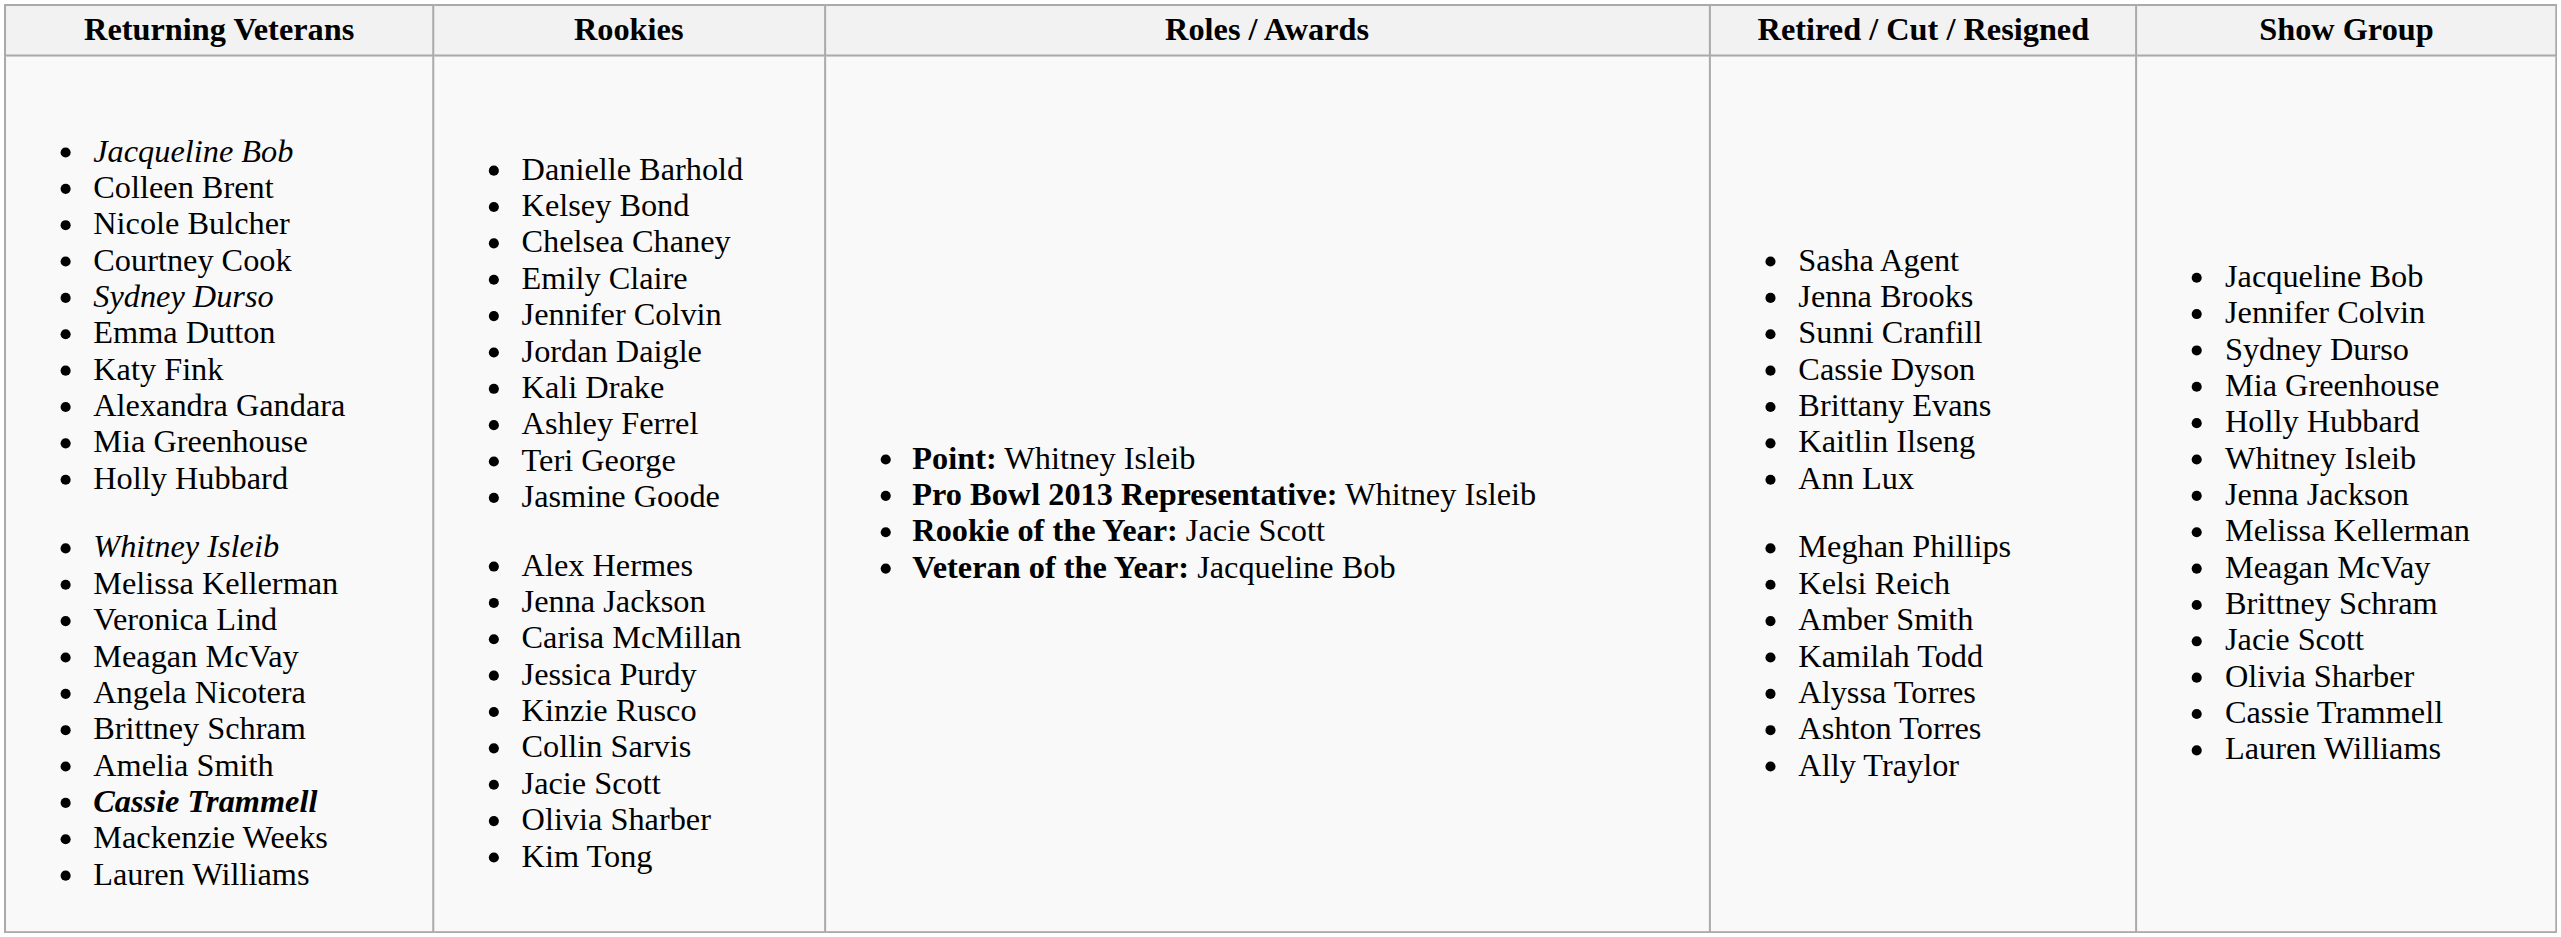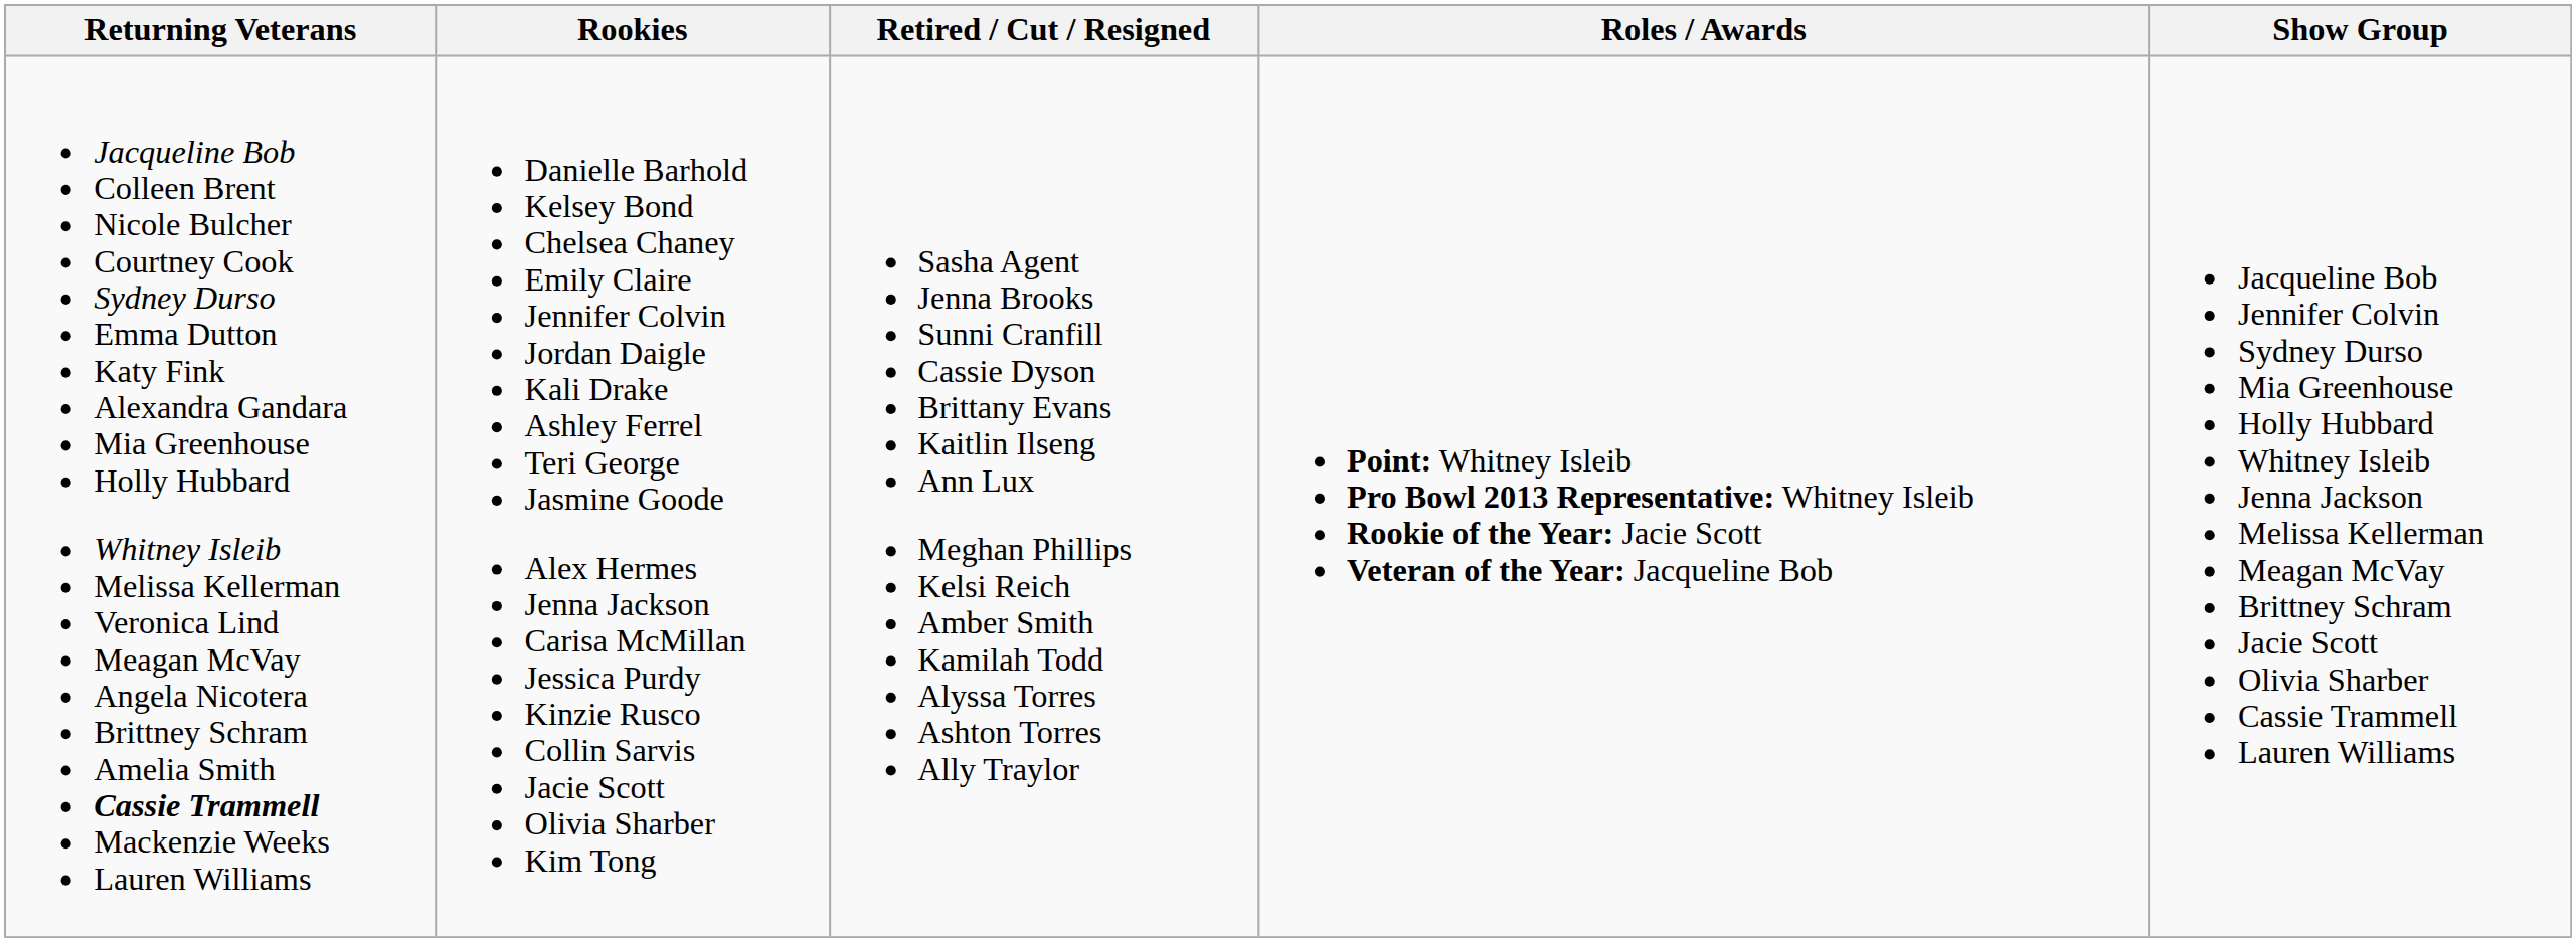 <table class="wikitable" style="width:100%;">
 <tr>
 <th>Returning Veterans</th>
 <th>Rookies</th>
+<th>Retired / Cut / Resigned</th>
 <th>Roles / Awards</th>
-<th>Retired / Cut / Resigned</th>
 <th>Show Group</th>
 </tr>
 <tr>
 <td><br><ul><li><em>Jacqueline Bob</em></li><li>Colleen Brent</li><li>Nicole Bulcher</li><li>Courtney Cook</li><li><em>Sydney Durso</em></li><li>Emma Dutton</li><li>Katy Fink</li><li>Alexandra Gandara</li><li>Mia Greenhouse</li><li>Holly Hubbard</li></ul><ul><li><em>Whitney Isleib</em></li><li>Melissa Kellerman</li><li>Veronica Lind</li><li>Meagan McVay</li><li>Angela Nicotera</li><li>Brittney Schram</li><li>Amelia Smith</li><li><strong><em>Cassie Trammell</em></strong></li><li>Mackenzie Weeks</li><li>Lauren Williams</li></ul></td>
 <td><br><ul><li>Danielle Barhold</li><li>Kelsey Bond</li><li>Chelsea Chaney</li><li>Emily Claire</li><li>Jennifer Colvin</li><li>Jordan Daigle</li><li>Kali Drake</li><li>Ashley Ferrel</li><li>Teri George</li><li>Jasmine Goode</li></ul><ul><li>Alex Hermes</li><li>Jenna Jackson</li><li>Carisa McMillan</li><li>Jessica Purdy</li><li>Kinzie Rusco</li><li>Collin Sarvis</li><li>Jacie Scott</li><li>Olivia Sharber</li><li>Kim Tong</li></ul></td>
+<td><br><ul><li>Sasha Agent </li><li>Jenna Brooks </li><li>Sunni Cranfill </li><li>Cassie Dyson </li><li>Brittany Evans </li><li>Kaitlin Ilseng </li><li>Ann Lux </li></ul><ul><li>Meghan Phillips </li><li>Kelsi Reich </li><li>Amber Smith </li><li>Kamilah Todd </li><li>Alyssa Torres </li><li>Ashton Torres </li><li>Ally Traylor </li></ul></td>
 <td><br><ul><li><strong>Point:</strong> Whitney Isleib</li><li><strong>Pro Bowl 2013 Representative:</strong> Whitney Isleib</li><li><strong>Rookie of the Year:</strong> Jacie Scott</li><li><strong>Veteran of the Year:</strong> Jacqueline Bob</li></ul></td>
-<td><br><ul><li>Sasha Agent </li><li>Jenna Brooks </li><li>Sunni Cranfill </li><li>Cassie Dyson </li><li>Brittany Evans </li><li>Kaitlin Ilseng </li><li>Ann Lux </li></ul><ul><li>Meghan Phillips </li><li>Kelsi Reich </li><li>Amber Smith </li><li>Kamilah Todd </li><li>Alyssa Torres </li><li>Ashton Torres </li><li>Ally Traylor </li></ul></td>
 <td><br><ul><li>Jacqueline Bob</li><li>Jennifer Colvin</li><li>Sydney Durso</li><li>Mia Greenhouse</li><li>Holly Hubbard</li><li>Whitney Isleib</li><li>Jenna Jackson</li><li>Melissa Kellerman</li><li>Meagan McVay</li><li>Brittney Schram</li><li>Jacie Scott</li><li>Olivia Sharber</li><li>Cassie Trammell</li><li>Lauren Williams</li></ul></td>
 </tr>
 </table>
